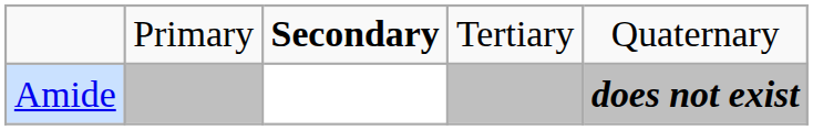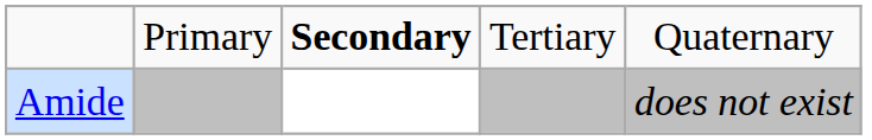 <table class="wikitable" style="text-align:center" |>
 <tr>
 <td></td>
 <td>Primary</td>
 <td><strong>Secondary</strong></td>
 <td>Tertiary</td>
 <td>Quaternary</td>
 </tr>
 <tr>
 <td style="background-color:#CAE1FF"><a href='#'>Amide</a></td>
 <td style="background-color:#BFBFBF"></td>
 <td style="background-color:#FFFFFF"></td>
 <td style="background-color:#BFBFBF"></td>
-<td style="background-color:#BFBFBF"><strong><em>does not exist</em></strong></td>
+<td style="background-color:#BFBFBF"><em>does not exist</em></td>
 </tr>
 </table>
